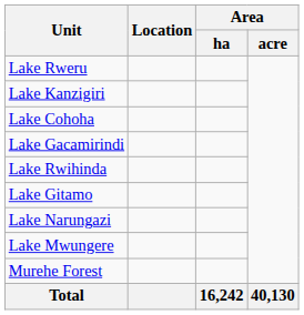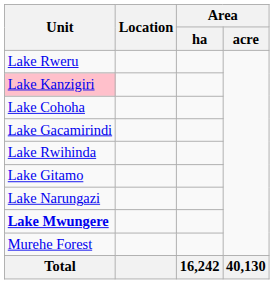 <table class="wikitable sortable">
 <tr>
 <th rowspan=2>Unit</th>
 <th rowspan=2>Location</th>
 <th colspan=2>Area</th>
 </tr>
 <tr>
 <th>ha</th>
 <th>acre</th>
 </tr>
 <tr>
 <td><a href='#'>Lake Rweru</a></td>
 <td></td>
 <td></td>
 </tr>
 <tr>
-<td><a href='#'>Lake Kanzigiri</a></td>
+<td style="background: pink;"><a href='#'>Lake Kanzigiri</a></td>
 <td></td>
 <td></td>
 </tr>
 <tr>
 <td><a href='#'>Lake Cohoha</a></td>
 <td></td>
 <td></td>
 </tr>
 <tr>
 <td><a href='#'>Lake Gacamirindi</a></td>
 <td></td>
 <td></td>
 </tr>
 <tr>
 <td><a href='#'>Lake Rwihinda</a></td>
 <td></td>
 <td></td>
 </tr>
 <tr>
 <td><a href='#'>Lake Gitamo</a></td>
 <td></td>
 <td></td>
 </tr>
 <tr>
 <td><a href='#'>Lake Narungazi</a></td>
 <td></td>
 <td></td>
 </tr>
 <tr>
-<td><a href='#'>Lake Mwungere</a></td>
+<td><strong><a href='#'>Lake Mwungere</a></strong></td>
 <td></td>
 <td></td>
 </tr>
 <tr>
 <td><a href='#'>Murehe Forest</a></td>
 <td></td>
 <td></td>
 </tr>
 <tr>
 <th>Total</th>
 <th></th>
 <th>16,242</th>
 <th>40,130</th>
 </tr>
 </table>
